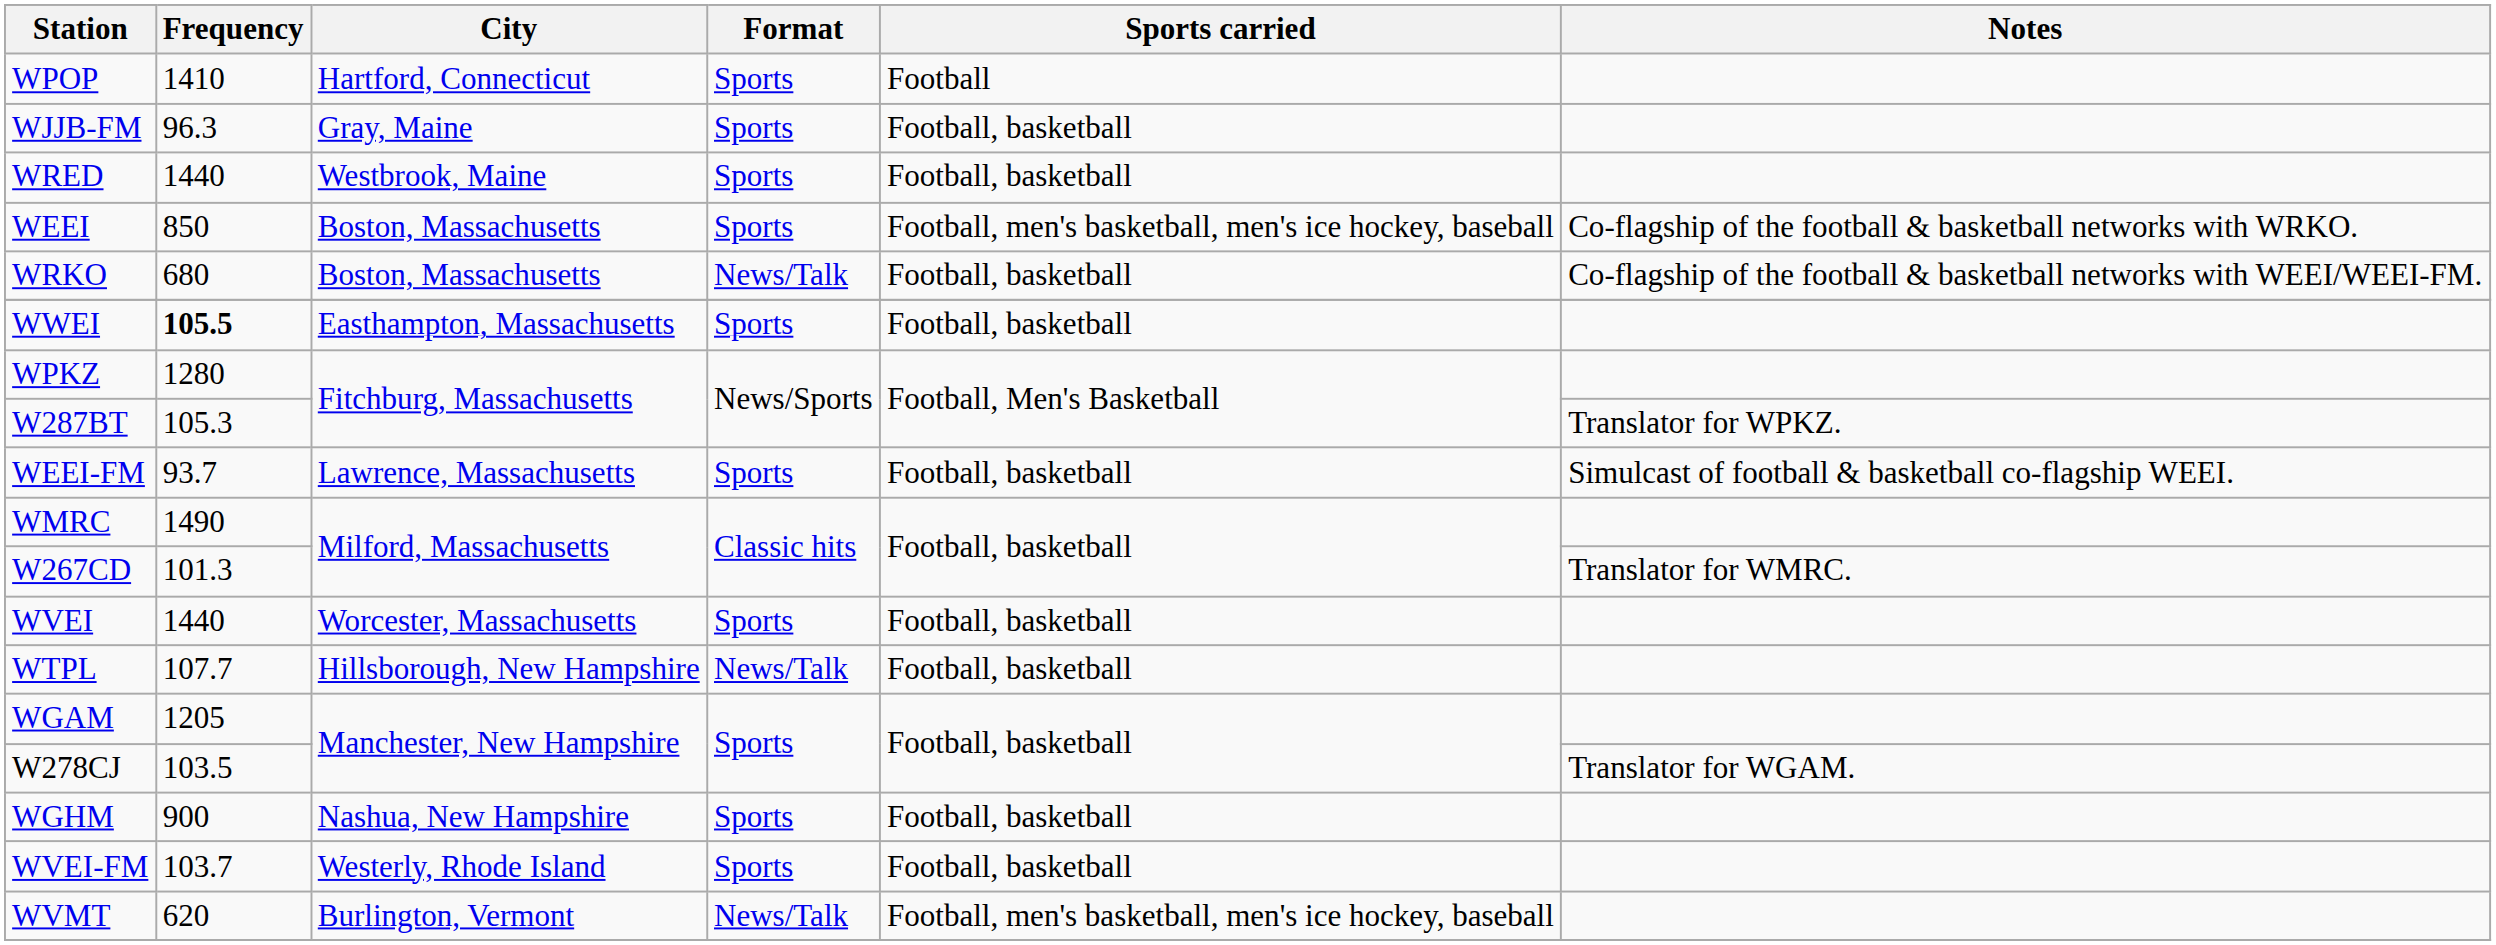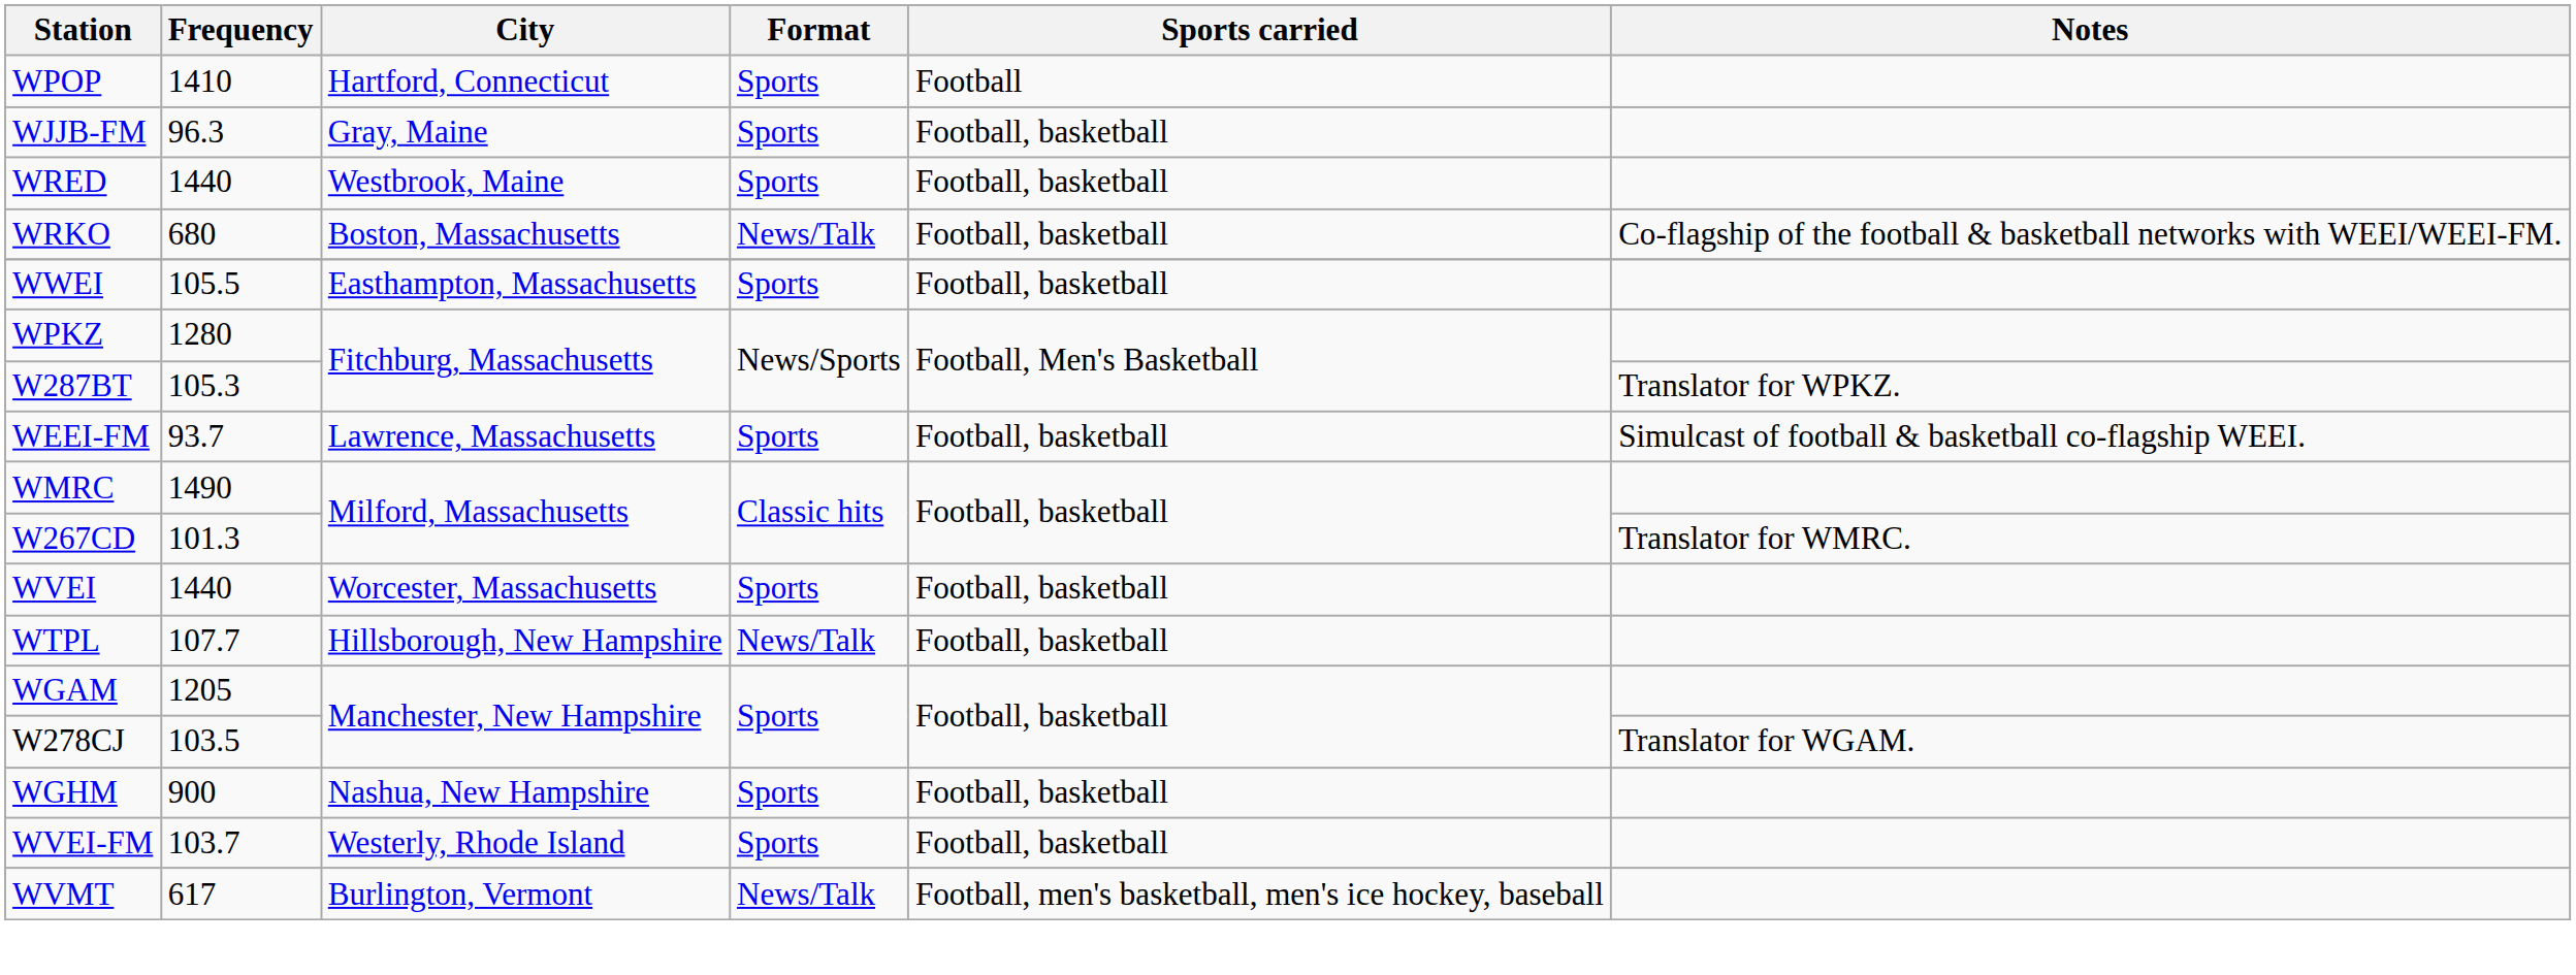 <table class="wikitable sortable">
 <tr>
 <th>Station</th>
 <th>Frequency</th>
 <th>City</th>
 <th>Format</th>
 <th>Sports carried</th>
 <th>Notes</th>
 </tr>
 <tr>
 <td><a href='#'>WPOP</a></td>
 <td data-sort-value=001410>1410</td>
 <td><a href='#'>Hartford, Connecticut</a></td>
 <td><a href='#'>Sports</a></td>
 <td>Football</td>
 <td></td>
 </tr>
 <tr>
 <td><a href='#'>WJJB-FM</a></td>
 <td data-sort-value=096300>96.3</td>
 <td><a href='#'>Gray, Maine</a></td>
 <td><a href='#'>Sports</a></td>
 <td>Football, basketball</td>
 <td></td>
 </tr>
 <tr>
 <td><a href='#'>WRED</a></td>
 <td data-sort-value=001440>1440</td>
 <td><a href='#'>Westbrook, Maine</a></td>
 <td><a href='#'>Sports</a></td>
 <td>Football, basketball</td>
 <td></td>
 </tr>
 <tr>
-<td><a href='#'>WEEI</a></td>
-<td data-sort-value=000850>850</td>
-<td><a href='#'>Boston, Massachusetts</a></td>
-<td><a href='#'>Sports</a></td>
-<td>Football, men's basketball, men's ice hockey, baseball</td>
-<td>Co-flagship of the football & basketball networks with WRKO.</td>
-</tr>
-<tr>
 <td><a href='#'>WRKO</a></td>
 <td data-sort-value=000680>680</td>
 <td><a href='#'>Boston, Massachusetts</a></td>
 <td><a href='#'>News/Talk</a></td>
 <td>Football, basketball</td>
 <td>Co-flagship of the football & basketball networks with WEEI/WEEI-FM.</td>
 </tr>
 <tr>
 </tr>
 <tr>
 <td><a href='#'>WWEI</a></td>
-<td data-sort-value=105500><strong>105.5</strong></td>
+<td data-sort-value=105500>105.5</td>
 <td><a href='#'>Easthampton, Massachusetts</a></td>
 <td><a href='#'>Sports</a></td>
 <td>Football, basketball</td>
 <td></td>
 </tr>
 <tr>
 <td><a href='#'>WPKZ</a></td>
 <td data-sort-value=001280>1280</td>
 <td rowspan=2><a href='#'>Fitchburg, Massachusetts</a></td>
 <td rowspan=2>News/Sports</td>
 <td rowspan=2>Football, Men's Basketball</td>
 <td></td>
 </tr>
 <tr>
 <td><a href='#'>W287BT</a></td>
 <td data-sort-value=105390>105.3</td>
 <td>Translator for WPKZ.</td>
 </tr>
 <tr>
 <td><a href='#'>WEEI-FM</a></td>
 <td data-sort-value=093700>93.7</td>
 <td><a href='#'>Lawrence, Massachusetts</a></td>
 <td><a href='#'>Sports</a></td>
 <td>Football, basketball</td>
 <td>Simulcast of football & basketball co-flagship WEEI.</td>
 </tr>
 <tr>
 <td><a href='#'>WMRC</a></td>
 <td data-sort-value=001490>1490</td>
 <td rowspan=2><a href='#'>Milford, Massachusetts</a></td>
 <td rowspan=2><a href='#'>Classic hits</a></td>
 <td rowspan=2>Football, basketball</td>
 <td></td>
 </tr>
 <tr>
 <td><a href='#'>W267CD</a></td>
 <td data-sort-value=101390>101.3</td>
 <td>Translator for WMRC.</td>
 </tr>
 <tr>
 <td><a href='#'>WVEI</a></td>
 <td data-sort-value=001440>1440</td>
 <td><a href='#'>Worcester, Massachusetts</a></td>
 <td><a href='#'>Sports</a></td>
 <td>Football, basketball</td>
 <td></td>
 </tr>
 <tr>
 <td><a href='#'>WTPL</a></td>
 <td data-sort-value=107700>107.7</td>
 <td><a href='#'>Hillsborough, New Hampshire</a></td>
 <td><a href='#'>News/Talk</a></td>
 <td>Football, basketball</td>
 <td></td>
 </tr>
 <tr>
 <td><a href='#'>WGAM</a></td>
 <td data-sort-value=001250>1205</td>
 <td rowspan=2><a href='#'>Manchester, New Hampshire</a></td>
 <td rowspan=2><a href='#'>Sports</a></td>
 <td rowspan=2>Football, basketball</td>
 <td></td>
 </tr>
 <tr>
 <td>W278CJ</td>
 <td data-sort-value=103590>103.5</td>
 <td>Translator for WGAM.</td>
 </tr>
 <tr>
 <td><a href='#'>WGHM</a></td>
 <td data-sort-value=000900>900</td>
 <td><a href='#'>Nashua, New Hampshire</a></td>
 <td><a href='#'>Sports</a></td>
 <td>Football, basketball</td>
 <td></td>
 </tr>
 <tr>
 <td><a href='#'>WVEI-FM</a></td>
 <td data-sort-value=103700>103.7</td>
 <td><a href='#'>Westerly, Rhode Island</a></td>
 <td><a href='#'>Sports</a></td>
 <td>Football, basketball</td>
 <td></td>
 </tr>
 <tr>
 <td><a href='#'>WVMT</a></td>
-<td data-sort-value=000620>620</td>
+<td data-sort-value=000620>617</td>
 <td><a href='#'>Burlington, Vermont</a></td>
 <td><a href='#'>News/Talk</a></td>
 <td>Football, men's basketball, men's ice hockey, baseball</td>
 <td></td>
 </tr>
 <tr>
 </tr>
 </table>
